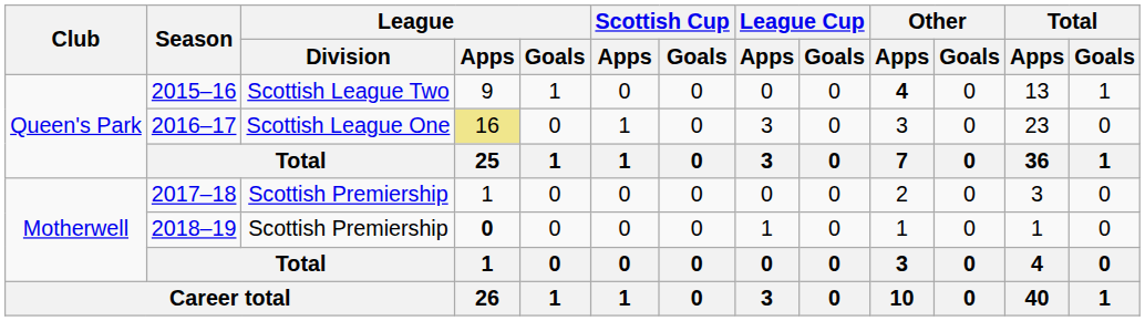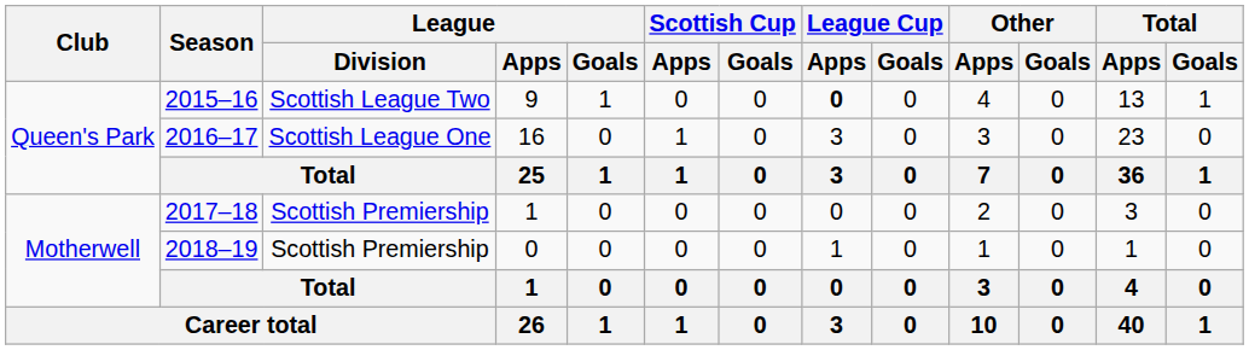 <table class="wikitable" style="text-align: center">
 <tr>
 <th rowspan="2">Club</th>
 <th rowspan="2">Season</th>
 <th colspan="3">League</th>
 <th colspan="2"><a href='#'>Scottish Cup</a></th>
 <th colspan="2"><a href='#'>League Cup</a></th>
 <th colspan="2">Other</th>
 <th colspan="2">Total</th>
 </tr>
 <tr>
 <th>Division</th>
 <th>Apps</th>
 <th>Goals</th>
 <th>Apps</th>
 <th>Goals</th>
 <th>Apps</th>
 <th>Goals</th>
 <th>Apps</th>
 <th>Goals</th>
 <th>Apps</th>
 <th>Goals</th>
 </tr>
 <tr>
 <td rowspan=3><a href='#'>Queen's Park</a></td>
 <td><a href='#'>2015–16</a></td>
 <td><a href='#'>Scottish League Two</a></td>
 <td>9</td>
 <td>1</td>
 <td>0</td>
 <td>0</td>
+<td><strong>0</strong></td>
 <td>0</td>
-<td>0</td>
-<td><strong>4</strong></td>
+<td>4</td>
 <td>0</td>
 <td>13</td>
 <td>1</td>
 </tr>
 <tr>
 <td><a href='#'>2016–17</a></td>
 <td><a href='#'>Scottish League One</a></td>
-<td style="background: khaki;">16</td>
+<td>16</td>
 <td>0</td>
 <td>1</td>
 <td>0</td>
 <td>3</td>
 <td>0</td>
 <td>3</td>
 <td>0</td>
 <td>23</td>
 <td>0</td>
 </tr>
 <tr>
 <th colspan=2>Total</th>
 <th>25</th>
 <th>1</th>
 <th>1</th>
 <th>0</th>
 <th>3</th>
 <th>0</th>
 <th>7</th>
 <th>0</th>
 <th>36</th>
 <th>1</th>
 </tr>
 <tr>
 <td rowspan=3><a href='#'>Motherwell</a></td>
 <td><a href='#'>2017–18</a></td>
 <td><a href='#'>Scottish Premiership</a></td>
 <td>1</td>
 <td>0</td>
 <td>0</td>
 <td>0</td>
 <td>0</td>
 <td>0</td>
 <td>2</td>
 <td>0</td>
 <td>3</td>
 <td>0</td>
 </tr>
 <tr>
 <td><a href='#'>2018–19</a></td>
 <td>Scottish Premiership</td>
-<td><strong>0</strong></td>
+<td>0</td>
 <td>0</td>
 <td>0</td>
 <td>0</td>
 <td>1</td>
 <td>0</td>
 <td>1</td>
 <td>0</td>
 <td>1</td>
 <td>0</td>
 </tr>
 <tr>
 <th colspan=2>Total</th>
 <th>1</th>
 <th>0</th>
 <th>0</th>
 <th>0</th>
 <th>0</th>
 <th>0</th>
 <th>3</th>
 <th>0</th>
 <th>4</th>
 <th>0</th>
 </tr>
 <tr>
 <th colspan="3">Career total</th>
 <th>26</th>
 <th>1</th>
 <th>1</th>
 <th>0</th>
 <th>3</th>
 <th>0</th>
 <th>10</th>
 <th>0</th>
 <th>40</th>
 <th>1</th>
 </tr>
 </table>
